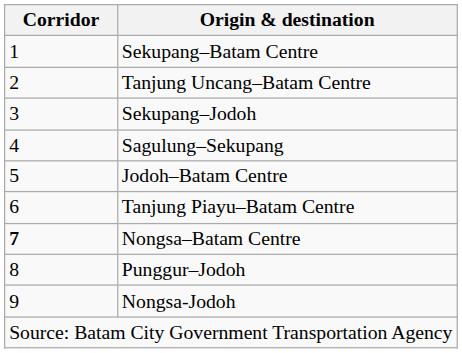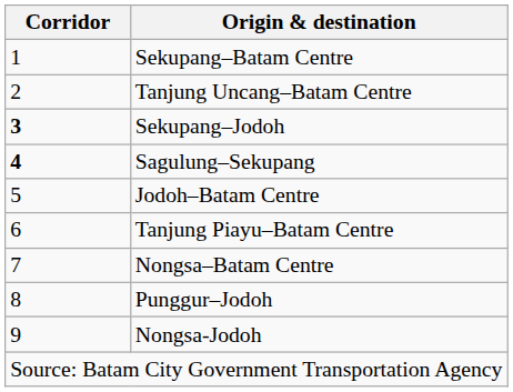 <table class="wikitable">
 <tr>
 <th>Corridor</th>
 <th>Origin & destination</th>
 </tr>
 <tr>
 <td>1</td>
 <td>Sekupang–Batam Centre</td>
 </tr>
 <tr>
 <td>2</td>
 <td>Tanjung Uncang–Batam Centre</td>
 </tr>
 <tr>
-<td>3</td>
+<td><strong>3</strong></td>
 <td>Sekupang–Jodoh</td>
 </tr>
 <tr>
-<td>4</td>
+<td><strong>4</strong></td>
 <td>Sagulung–Sekupang</td>
 </tr>
 <tr>
 <td>5</td>
 <td>Jodoh–Batam Centre</td>
 </tr>
 <tr>
 <td>6</td>
 <td>Tanjung Piayu–Batam Centre</td>
 </tr>
 <tr>
-<td><strong>7</strong></td>
+<td>7</td>
 <td>Nongsa–Batam Centre</td>
 </tr>
 <tr>
 <td>8</td>
 <td>Punggur–Jodoh</td>
 </tr>
 <tr>
 <td>9</td>
 <td>Nongsa-Jodoh</td>
 </tr>
 <tr>
 <td colspan=2>Source: Batam City Government Transportation Agency</td>
 </tr>
 </table>
